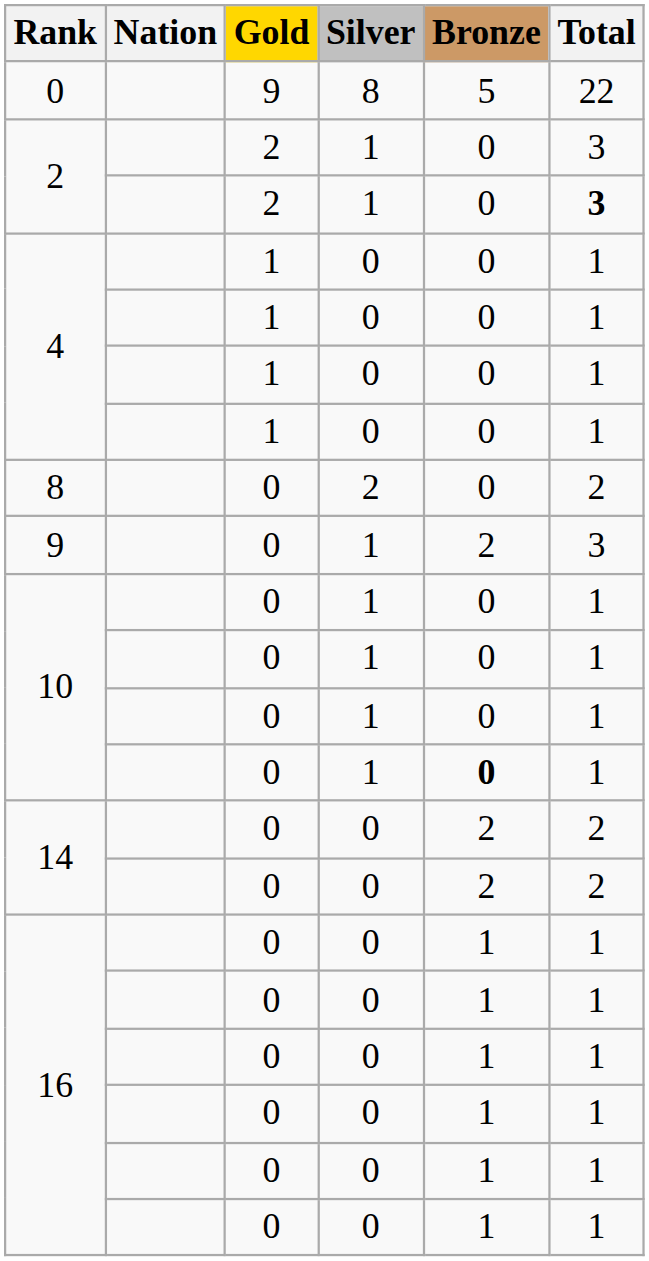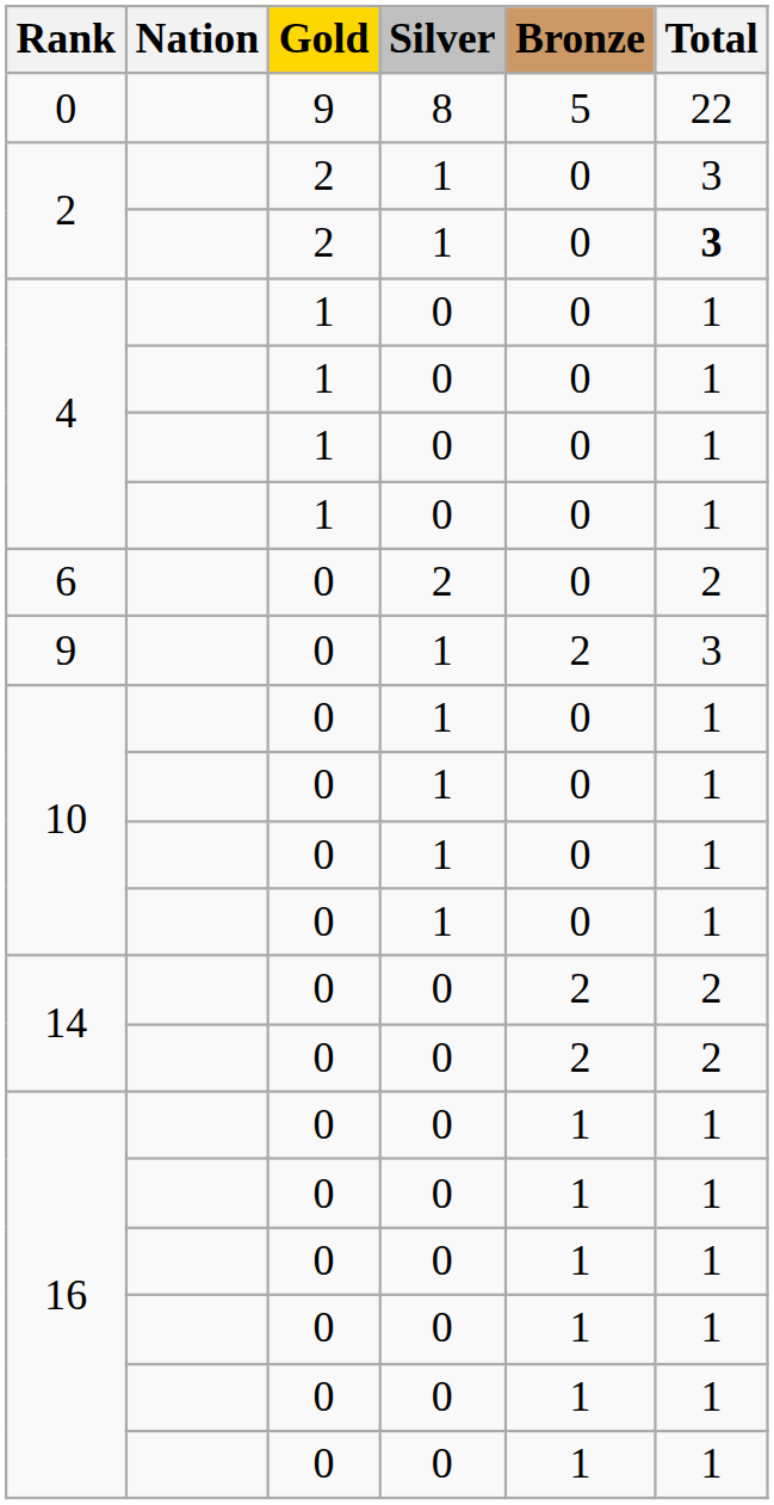 <table class="wikitable sortable" style="text-align:center">
 <tr>
 <th>Rank</th>
 <th>Nation</th>
 <th style="background-color:gold">Gold</th>
 <th style="background-color:silver">Silver</th>
 <th style="background-color:#cc9966">Bronze</th>
 <th>Total</th>
 </tr>
 <tr>
 <td>0</td>
 <td align=left></td>
 <td>9</td>
 <td>8</td>
 <td>5</td>
 <td>22</td>
 </tr>
 <tr>
 <td rowspan=2>2</td>
 <td align=left></td>
 <td>2</td>
 <td>1</td>
 <td>0</td>
 <td>3</td>
 </tr>
 <tr>
 <td align=left></td>
 <td>2</td>
 <td>1</td>
 <td>0</td>
 <td><strong>3</strong></td>
 </tr>
 <tr>
 <td rowspan=4>4</td>
 <td align=left></td>
 <td>1</td>
 <td>0</td>
 <td>0</td>
 <td>1</td>
 </tr>
 <tr>
 <td align=left></td>
 <td>1</td>
 <td>0</td>
 <td>0</td>
 <td>1</td>
 </tr>
 <tr>
 <td align=left></td>
 <td>1</td>
 <td>0</td>
 <td>0</td>
 <td>1</td>
 </tr>
 <tr>
 <td align=left></td>
 <td>1</td>
 <td>0</td>
 <td>0</td>
 <td>1</td>
 </tr>
 <tr>
-<td>8</td>
+<td>6</td>
 <td align=left></td>
 <td>0</td>
 <td>2</td>
 <td>0</td>
 <td>2</td>
 </tr>
 <tr>
 <td>9</td>
 <td align=left></td>
 <td>0</td>
 <td>1</td>
 <td>2</td>
 <td>3</td>
 </tr>
 <tr>
 <td rowspan=4>10</td>
 <td align=left></td>
 <td>0</td>
 <td>1</td>
 <td>0</td>
 <td>1</td>
 </tr>
 <tr>
 <td align=left></td>
 <td>0</td>
 <td>1</td>
 <td>0</td>
 <td>1</td>
 </tr>
 <tr>
 <td align=left></td>
 <td>0</td>
 <td>1</td>
 <td>0</td>
 <td>1</td>
 </tr>
 <tr>
 <td align=left></td>
 <td>0</td>
 <td>1</td>
-<td><strong>0</strong></td>
+<td>0</td>
 <td>1</td>
 </tr>
 <tr>
 <td rowspan=2>14</td>
 <td align=left></td>
 <td>0</td>
 <td>0</td>
 <td>2</td>
 <td>2</td>
 </tr>
 <tr>
 <td align=left></td>
 <td>0</td>
 <td>0</td>
 <td>2</td>
 <td>2</td>
 </tr>
 <tr>
 <td rowspan=6>16</td>
 <td align=left></td>
 <td>0</td>
 <td>0</td>
 <td>1</td>
 <td>1</td>
 </tr>
 <tr>
 <td align=left></td>
 <td>0</td>
 <td>0</td>
 <td>1</td>
 <td>1</td>
 </tr>
 <tr>
 <td align=left></td>
 <td>0</td>
 <td>0</td>
 <td>1</td>
 <td>1</td>
 </tr>
 <tr>
 <td align=left></td>
 <td>0</td>
 <td>0</td>
 <td>1</td>
 <td>1</td>
 </tr>
 <tr>
 <td align=left></td>
 <td>0</td>
 <td>0</td>
 <td>1</td>
 <td>1</td>
 </tr>
 <tr>
 <td align=left></td>
 <td>0</td>
 <td>0</td>
 <td>1</td>
 <td>1</td>
 </tr>
 </table>
